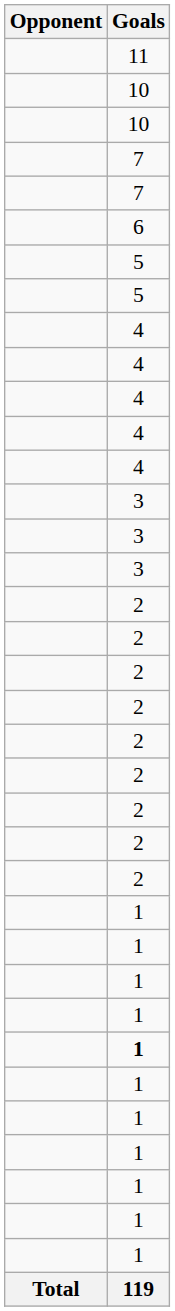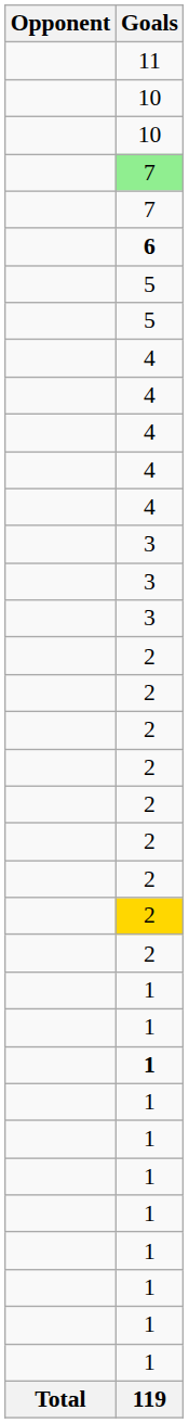 <table class="wikitable sortable" style="text-align:center">
 <tr>
 <th scope="col">Opponent</th>
 <th scope="col">Goals</th>
 </tr>
 <tr>
 <td style="text-align:left"></td>
 <td>11</td>
 </tr>
 <tr>
 <td style="text-align:left"></td>
 <td>10</td>
 </tr>
 <tr>
 <td style="text-align:left"></td>
 <td>10</td>
 </tr>
 <tr>
 <td style="text-align:left"></td>
-<td>7</td>
+<td style="background: lightgreen;">7</td>
 </tr>
 <tr>
 <td style="text-align:left"></td>
 <td>7</td>
 </tr>
 <tr>
 <td style="text-align:left"></td>
-<td>6</td>
+<td><strong>6</strong></td>
 </tr>
 <tr>
 <td style="text-align:left"></td>
 <td>5</td>
 </tr>
 <tr>
 <td style="text-align:left"></td>
 <td>5</td>
 </tr>
 <tr>
 <td style="text-align:left"></td>
 <td>4</td>
 </tr>
 <tr>
 <td style="text-align:left"></td>
 <td>4</td>
 </tr>
 <tr>
 <td style="text-align:left"></td>
 <td>4</td>
 </tr>
 <tr>
 <td style="text-align:left"></td>
 <td>4</td>
 </tr>
 <tr>
 <td style="text-align:left"></td>
 <td>4</td>
 </tr>
 <tr>
 <td style="text-align:left"></td>
 <td>3</td>
 </tr>
 <tr>
 <td style="text-align:left"></td>
 <td>3</td>
 </tr>
 <tr>
 <td style="text-align:left"></td>
 <td>3</td>
 </tr>
 <tr>
 <td style="text-align:left"></td>
 <td>2</td>
 </tr>
 <tr>
 <td style="text-align:left"></td>
 <td>2</td>
 </tr>
 <tr>
 <td style="text-align:left"></td>
 <td>2</td>
 </tr>
 <tr>
 <td style="text-align:left"></td>
 <td>2</td>
 </tr>
 <tr>
 <td style="text-align:left"></td>
 <td>2</td>
 </tr>
 <tr>
 <td style="text-align:left"></td>
 <td>2</td>
 </tr>
 <tr>
 <td style="text-align:left"></td>
 <td>2</td>
 </tr>
 <tr>
 <td style="text-align:left"></td>
-<td>2</td>
+<td style="background: gold;">2</td>
 </tr>
 <tr>
 <td style="text-align:left"></td>
 <td>2</td>
-</tr>
-<tr>
-<td style="text-align:left"></td>
-<td>1</td>
-</tr>
-<tr>
-<td style="text-align:left"></td>
-<td>1</td>
 </tr>
 <tr>
 <td style="text-align:left"></td>
 <td>1</td>
 </tr>
 <tr>
 <td style="text-align:left"></td>
 <td>1</td>
 </tr>
 <tr>
 <td style="text-align:left"></td>
 <td><strong>1</strong></td>
 </tr>
 <tr>
 <td style="text-align:left"></td>
 <td>1</td>
 </tr>
 <tr>
 <td style="text-align:left"></td>
 <td>1</td>
 </tr>
 <tr>
 <td style="text-align:left"></td>
 <td>1</td>
 </tr>
 <tr>
 <td style="text-align:left"></td>
 <td>1</td>
 </tr>
 <tr>
 <td style="text-align:left"></td>
 <td>1</td>
 </tr>
 <tr>
 <td style="text-align:left"></td>
 <td>1</td>
 </tr>
 <tr>
+<td style="text-align:left"></td>
+<td>1</td>
+</tr>
+<tr>
+<td style="text-align:left"></td>
+<td>1</td>
+</tr>
+<tr>
 <th>Total</th>
 <th>119</th>
 </tr>
 </table>
